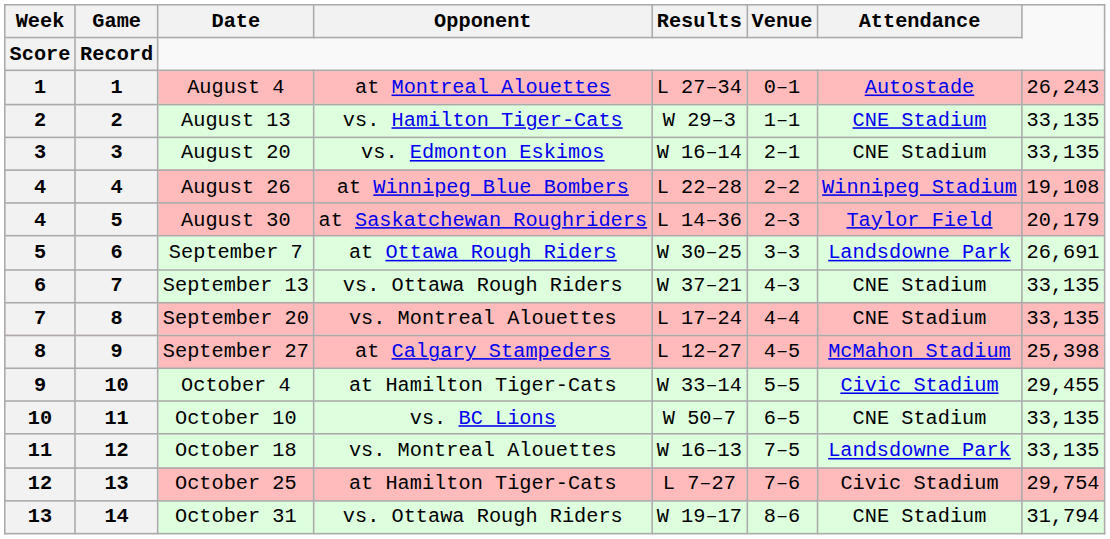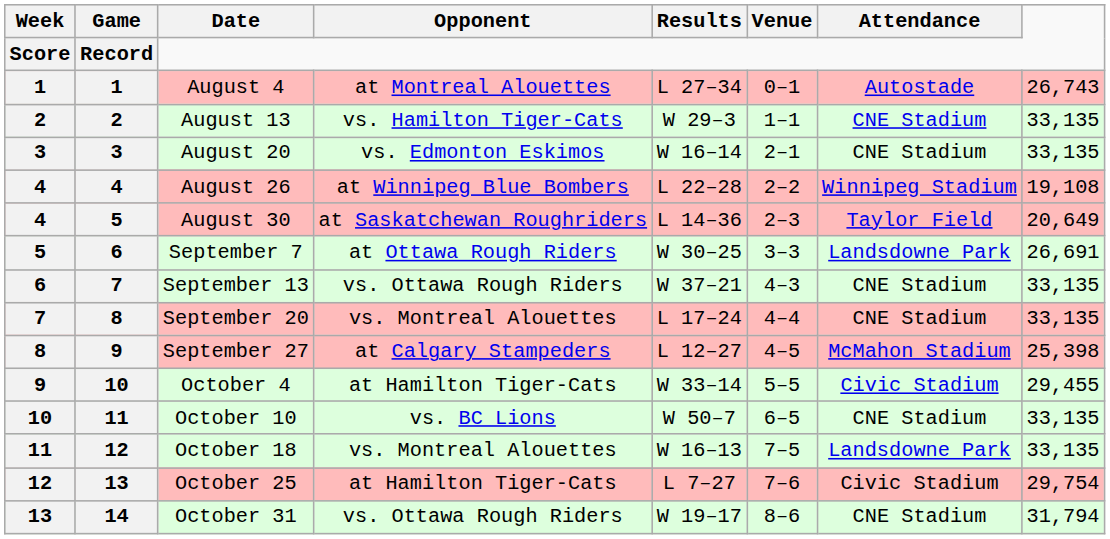 <table class="wikitable" style="text-align:center">
 <tr>
 <th>Week</th>
 <th>Game</th>
 <th>Date</th>
 <th>Opponent</th>
 <th>Results</th>
 <th>Venue</th>
 <th>Attendance</th>
 </tr>
 <tr>
 <th>Score</th>
 <th>Record</th>
 </tr>
 <tr style="background:#ffbbbb">
 <th>1</th>
 <th>1</th>
 <td>August 4</td>
 <td>at <a href='#'>Montreal Alouettes</a></td>
 <td>L 27–34</td>
 <td>0–1</td>
 <td><a href='#'>Autostade</a></td>
-<td>26,243</td>
+<td>26,743</td>
 </tr>
 <tr style="background:#ddffdd">
 <th>2</th>
 <th>2</th>
 <td>August 13</td>
 <td>vs. <a href='#'>Hamilton Tiger-Cats</a></td>
 <td>W 29–3</td>
 <td>1–1</td>
 <td><a href='#'>CNE Stadium</a></td>
 <td>33,135</td>
 </tr>
 <tr style="background:#ddffdd">
 <th>3</th>
 <th>3</th>
 <td>August 20</td>
 <td>vs. <a href='#'>Edmonton Eskimos</a></td>
 <td>W 16–14</td>
 <td>2–1</td>
 <td>CNE Stadium</td>
 <td>33,135</td>
 </tr>
 <tr style="background:#ffbbbb">
 <th>4</th>
 <th>4</th>
 <td>August 26</td>
 <td>at <a href='#'>Winnipeg Blue Bombers</a></td>
 <td>L 22–28</td>
 <td>2–2</td>
 <td><a href='#'>Winnipeg Stadium</a></td>
 <td>19,108</td>
 </tr>
 <tr align="center" bgcolor="#ffbbbb">
 <th>4</th>
 <th>5</th>
 <td>August 30</td>
 <td>at <a href='#'>Saskatchewan Roughriders</a></td>
 <td>L 14–36</td>
 <td>2–3</td>
 <td><a href='#'>Taylor Field</a></td>
-<td>20,179</td>
+<td>20,649</td>
 </tr>
 <tr style="background:#ddffdd">
 <th>5</th>
 <th>6</th>
 <td>September 7</td>
 <td>at <a href='#'>Ottawa Rough Riders</a></td>
 <td>W 30–25</td>
 <td>3–3</td>
 <td><a href='#'>Landsdowne Park</a></td>
 <td>26,691</td>
 </tr>
 <tr style="background:#ddffdd">
 <th>6</th>
 <th>7</th>
 <td>September 13</td>
 <td>vs. Ottawa Rough Riders</td>
 <td>W 37–21</td>
 <td>4–3</td>
 <td>CNE Stadium</td>
 <td>33,135</td>
 </tr>
 <tr style="background:#ffbbbb">
 <th>7</th>
 <th>8</th>
 <td>September 20</td>
 <td>vs. Montreal Alouettes</td>
 <td>L 17–24</td>
 <td>4–4</td>
 <td>CNE Stadium</td>
 <td>33,135</td>
 </tr>
 <tr style="background:#ffbbbb">
 <th>8</th>
 <th>9</th>
 <td>September 27</td>
 <td>at <a href='#'>Calgary Stampeders</a></td>
 <td>L 12–27</td>
 <td>4–5</td>
 <td><a href='#'>McMahon Stadium</a></td>
 <td>25,398</td>
 </tr>
 <tr style="background:#ddffdd">
 <th>9</th>
 <th>10</th>
 <td>October 4</td>
 <td>at Hamilton Tiger-Cats</td>
 <td>W 33–14</td>
 <td>5–5</td>
 <td><a href='#'>Civic Stadium</a></td>
 <td>29,455</td>
 </tr>
 <tr style="background:#ddffdd">
 <th>10</th>
 <th>11</th>
 <td>October 10</td>
 <td>vs. <a href='#'>BC Lions</a></td>
 <td>W 50–7</td>
 <td>6–5</td>
 <td>CNE Stadium</td>
 <td>33,135</td>
 </tr>
 <tr style="background:#ddffdd">
 <th>11</th>
 <th>12</th>
 <td>October 18</td>
 <td>vs. Montreal Alouettes</td>
 <td>W 16–13</td>
 <td>7–5</td>
 <td><a href='#'>Landsdowne Park</a></td>
 <td>33,135</td>
 </tr>
 <tr style="background:#ffbbbb">
 <th>12</th>
 <th>13</th>
 <td>October 25</td>
 <td>at Hamilton Tiger-Cats</td>
 <td>L 7–27</td>
 <td>7–6</td>
 <td>Civic Stadium</td>
 <td>29,754</td>
 </tr>
 <tr style="background:#ddffdd">
 <th>13</th>
 <th>14</th>
 <td>October 31</td>
 <td>vs. Ottawa Rough Riders</td>
 <td>W 19–17</td>
 <td>8–6</td>
 <td>CNE Stadium</td>
 <td>31,794</td>
 </tr>
 </table>
